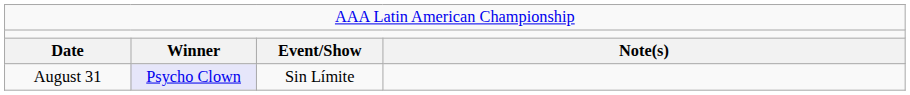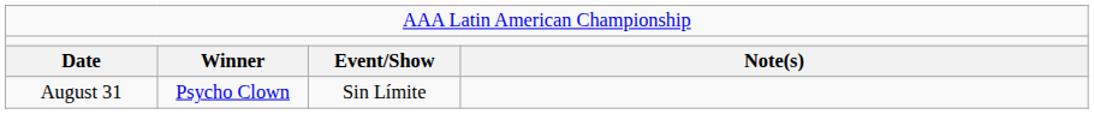 <table class="wikitable" style="text-align:center; width:100%;">
 <tr>
 <td colspan="5"><a href='#'>AAA Latin American Championship</a></td>
 </tr>
 <tr>
 <td colspan="5"><strong></strong></td>
 </tr>
 <tr>
 <th width="14%">Date</th>
 <th width="14%">Winner</th>
 <th width="14%">Event/Show</th>
 <th width="58%">Note(s)</th>
 </tr>
 <tr>
 <td>August 31</td>
-<td style="background: lavender;"><a href='#'>Psycho Clown</a></td>
+<td><a href='#'>Psycho Clown</a></td>
 <td>Sin Límite</td>
 <td align="left"></td>
 </tr>
 </table>
